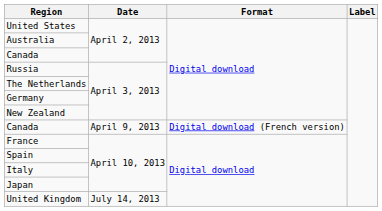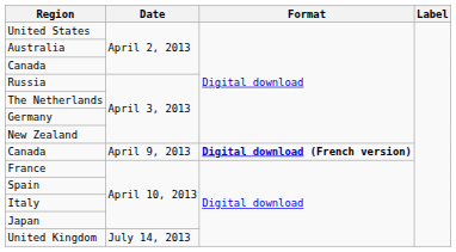 <table class="wikitable plainrowheaders">
 <tr>
 <th>Region</th>
 <th>Date</th>
 <th>Format</th>
 <th>Label</th>
 </tr>
 <tr>
 <td>United States</td>
 <td rowspan="3">April 2, 2013</td>
 <td rowspan="7"><a href='#'>Digital download</a></td>
 <td rowspan="13"></td>
 </tr>
 <tr>
 <td>Australia</td>
 </tr>
 <tr>
 <td>Canada</td>
 </tr>
 <tr>
 <td>Russia</td>
 <td rowspan="4">April 3, 2013</td>
 </tr>
 <tr>
 <td>The Netherlands</td>
 </tr>
 <tr>
 <td>Germany</td>
 </tr>
 <tr>
 <td>New Zealand</td>
 </tr>
 <tr>
 <td>Canada</td>
 <td rowspan="1">April 9, 2013</td>
-<td rowspan="1"><a href='#'>Digital download</a> (French version)</td>
+<td rowspan="1"><strong><a href='#'>Digital download</a> (French version)</strong></td>
 </tr>
 <tr>
 <td>France</td>
 <td rowspan="4">April 10, 2013</td>
 <td rowspan="5"><a href='#'>Digital download</a></td>
 </tr>
 <tr>
 <td>Spain</td>
 </tr>
 <tr>
 <td>Italy</td>
 </tr>
 <tr>
 <td>Japan</td>
 </tr>
 <tr>
 <td>United Kingdom</td>
 <td rowspan="1">July 14, 2013</td>
 </tr>
 </table>
